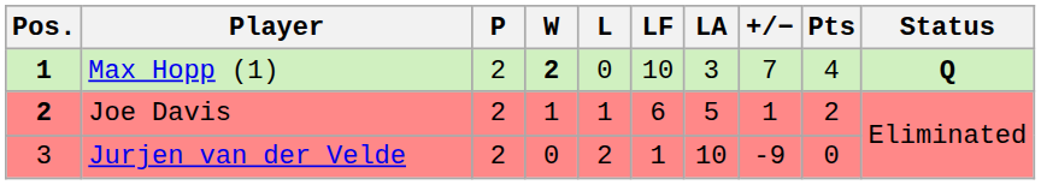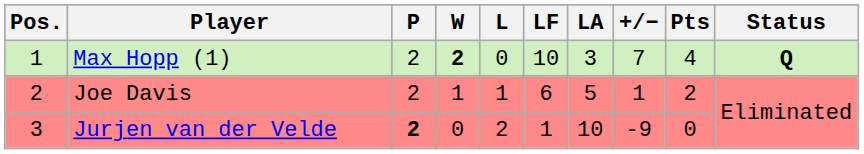 <table class="wikitable" style="text-align:center; margin: 1em auto 1em auto, align:left">
 <tr>
 <th width=20>Pos.</th>
 <th width=185>Player</th>
 <th width=20>P</th>
 <th width=20>W</th>
 <th width=20>L</th>
 <th width=20>LF</th>
 <th width=20>LA</th>
 <th width=25>+/−</th>
 <th width=20>Pts</th>
 <th width=70>Status</th>
 </tr>
 <tr style="background:#D0F0C0;">
-<td><strong>1</strong></td>
+<td>1</td>
 <td align=left> <a href='#'>Max Hopp</a> (1)</td>
 <td>2</td>
 <td><strong>2</strong></td>
 <td>0</td>
 <td>10</td>
 <td>3</td>
 <td>7</td>
 <td>4</td>
 <td rowspan=1><strong>Q</strong></td>
 </tr>
 <tr style="background:#FF8888;">
-<td><strong>2</strong></td>
+<td>2</td>
 <td align=left> Joe Davis</td>
 <td>2</td>
 <td>1</td>
 <td>1</td>
 <td>6</td>
 <td>5</td>
 <td>1</td>
 <td>2</td>
 <td rowspan=2>Eliminated</td>
 </tr>
 <tr style="background:#FF8888;">
 <td>3</td>
 <td align=left> <a href='#'>Jurjen van der Velde</a></td>
-<td>2</td>
+<td><strong>2</strong></td>
 <td>0</td>
 <td>2</td>
 <td>1</td>
 <td>10</td>
 <td>-9</td>
 <td>0</td>
 </tr>
 </table>
